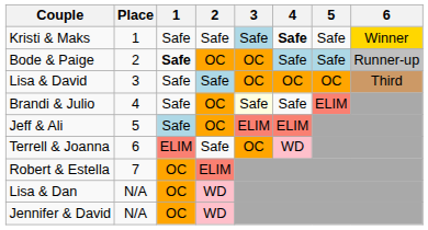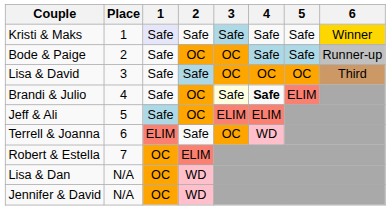 <table class="wikitable sortable" style="text-align:center; margin:auto;">
 <tr>
 <th>Couple</th>
 <th>Place</th>
 <th>1</th>
 <th>2</th>
 <th>3</th>
 <th>4</th>
 <th>5</th>
 <th>6</th>
 </tr>
 <tr>
 <td align=left>Kristi & Maks</td>
 <td>1</td>
-<td>Safe</td>
+<td style="background: lavender;">Safe</td>
 <td>Safe</td>
 <td style="background:lightblue;">Safe</td>
-<td><strong>Safe</strong></td>
+<td>Safe</td>
 <td>Safe</td>
 <td style="background:gold;">Winner</td>
 </tr>
 <tr>
 <td align=left>Bode & Paige</td>
 <td>2</td>
-<td><strong>Safe</strong></td>
+<td>Safe</td>
 <td style="background:orange;">OC</td>
 <td style="background:orange;">OC</td>
 <td style="background:lightblue;">Safe</td>
 <td style="background:lightblue;">Safe</td>
 <td style="background:silver;">Runner-up</td>
 </tr>
 <tr>
 <td align=left>Lisa & David</td>
 <td>3</td>
 <td>Safe</td>
 <td style="background:lightblue;">Safe</td>
 <td style="background:orange;">OC</td>
 <td style="background:orange;">OC</td>
 <td style="background:orange;">OC</td>
 <td style="background:#cc9966;">Third</td>
 </tr>
 <tr>
 <td align=left>Brandi & Julio</td>
 <td>4</td>
 <td>Safe</td>
 <td style="background:orange;">OC</td>
 <td style="background: lightyellow;">Safe</td>
-<td>Safe</td>
+<td><strong>Safe</strong></td>
 <td style="background:#FA8072;">ELIM</td>
 <td colspan="4" style="background:darkgrey;"></td>
 </tr>
 <tr>
 <td align=left>Jeff & Ali</td>
 <td>5</td>
 <td style="background:lightblue;">Safe</td>
 <td style="background:orange;">OC</td>
 <td style="background:#FA8072;">ELIM</td>
 <td style="background:#FA8072;">ELIM</td>
 <td colspan="4" style="background:darkgrey;"></td>
 </tr>
 <tr>
 <td align=left>Terrell & Joanna</td>
 <td>6</td>
 <td style="background:#FA8072;">ELIM</td>
 <td>Safe</td>
 <td style="background:orange;">OC</td>
 <td style="background:pink;">WD</td>
 <td colspan="4" style="background:darkgrey;"></td>
 </tr>
 <tr>
 <td align=left>Robert & Estella</td>
 <td>7</td>
 <td style="background:orange;">OC</td>
 <td style="background:#FA8072;">ELIM</td>
 <td colspan="4" style="background:darkgrey;"></td>
 </tr>
 <tr>
 <td align=left>Lisa & Dan</td>
 <td>N/A</td>
 <td style="background:orange;">OC</td>
 <td style="background:pink;">WD</td>
 <td colspan="4" style="background:darkgrey;"></td>
 </tr>
 <tr>
 <td align=left>Jennifer & David</td>
 <td>N/A</td>
 <td style="background:orange;">OC</td>
 <td style="background:pink;">WD</td>
 <td colspan="4" style="background:darkgrey;"></td>
 </tr>
 </table>
